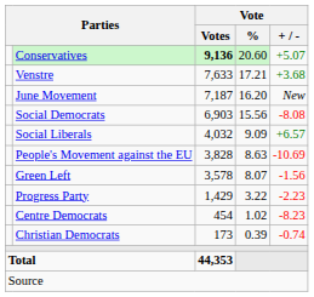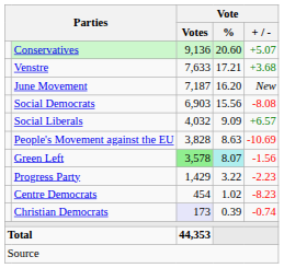 <table class="wikitable" style="text-align:right;">
 <tr>
 <th style="text-align:centre;" rowspan="2" colspan="2" width="225">Parties</th>
 <th colspan="3">Vote</th>
 </tr>
 <tr>
 <th width="15">Votes</th>
 <th width="15">%</th>
 <th width="15">+ / -</th>
 </tr>
 <tr>
 <td width="2" style="color:inherit;background:"></td>
 <td bgcolor=#ccf7cc   align="left"><a href='#'>Conservatives</a></td>
-<td bgcolor=#ccf7cc><strong>9,136</strong></td>
+<td bgcolor=#ccf7cc>9,136</td>
 <td bgcolor=#ccf7cc>20.60</td>
 <td style=color:green;>+5.07</td>
 </tr>
 <tr>
 <td width="2" style="color:inherit;background:"></td>
 <td align="left"><a href='#'>Venstre</a></td>
 <td>7,633</td>
 <td>17.21</td>
 <td style=color:green;>+3.68</td>
 </tr>
 <tr>
 <td width="2" style="color:inherit;background:"></td>
 <td align="left"><a href='#'>June Movement</a></td>
 <td>7,187</td>
 <td>16.20</td>
 <td><em>New</em></td>
 </tr>
 <tr>
 <td width="2" style="color:inherit;background:"></td>
 <td align="left"><a href='#'>Social Democrats</a></td>
 <td>6,903</td>
 <td>15.56</td>
 <td style=color:red;>-8.08</td>
 </tr>
 <tr>
 <td width="2" style="color:inherit;background:"></td>
 <td align="left"><a href='#'>Social Liberals</a></td>
 <td>4,032</td>
 <td>9.09</td>
 <td style=color:green;>+6.57</td>
 </tr>
 <tr>
 <td width="2" style="color:inherit;background:"></td>
 <td align="left"><a href='#'>People's Movement against the EU</a></td>
 <td>3,828</td>
 <td>8.63</td>
 <td style=color:red;>-10.69</td>
 </tr>
 <tr>
 <td width="2" style="color:inherit;background:"></td>
 <td align="left"><a href='#'>Green Left</a></td>
-<td>3,578</td>
-<td>8.07</td>
+<td style="background: lightgreen;">3,578</td>
+<td style="background: paleturquoise;">8.07</td>
 <td style=color:red;>-1.56</td>
 </tr>
 <tr>
 <td width="2" style="color:inherit;background:"></td>
 <td align="left"><a href='#'>Progress Party</a></td>
 <td>1,429</td>
 <td>3.22</td>
 <td style=color:red;>-2.23</td>
 </tr>
 <tr>
 <td width="2" style="color:inherit;background:"></td>
 <td align="left"><a href='#'>Centre Democrats</a></td>
 <td>454</td>
 <td>1.02</td>
 <td style=color:red;>-8.23</td>
 </tr>
 <tr>
 <td width="2" style="color:inherit;background:"></td>
 <td align="left"><a href='#'>Christian Democrats</a></td>
-<td>173</td>
+<td style="background: lavender;">173</td>
 <td>0.39</td>
 <td style=color:red;>-0.74</td>
 </tr>
 <tr>
 <td colspan="7" bgcolor="#E9E9E9"></td>
 </tr>
 <tr>
 <td align="left" colspan="2"><strong>Total</strong></td>
 <td><strong>44,353</strong></td>
 <td bgcolor="#E9E9E9" colspan="2"></td>
 </tr>
 <tr>
 <td align="left" colspan="6">Source</td>
 </tr>
 </table>
